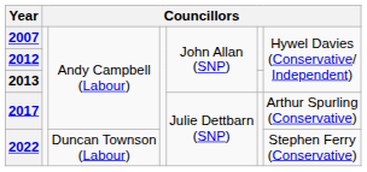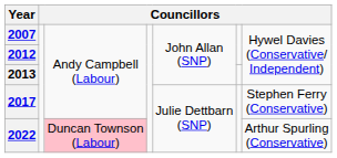 <table class="wikitable" style="text-align:center">
 <tr>
 <th>Year</th>
 <th colspan=8>Councillors</th>
 </tr>
 <tr>
 <th><a href='#'>2007</a></th>
 <td rowspan=5; style="background-color: "></td>
 <td rowspan=4>Andy Campbell<br>(<a href='#'>Labour</a>)</td>
 <td rowspan=5; style="background-color: "></td>
 <td rowspan=3>John Allan<br>(<a href='#'>SNP</a>)</td>
 <td rowspan=2; style="background-color: "></td>
 <td rowspan=3>Hywel Davies<br>(<a href='#'>Conservative</a>/<br><a href='#'>Independent</a>)</td>
 </tr>
 <tr>
 <th><a href='#'>2012</a></th>
 </tr>
 <tr>
 <th>2013</th>
 <td style="background-color: "></td>
 </tr>
 <tr>
 <th><a href='#'>2017</a></th>
 <td rowspan=2>Julie Dettbarn<br>(<a href='#'>SNP</a>)</td>
 <td rowspan=2; style="background-color: "></td>
-<td rowspan=1>Arthur Spurling<br>(<a href='#'>Conservative</a>)</td>
+<td rowspan=1>Stephen Ferry<br>(<a href='#'>Conservative</a>)</td>
 </tr>
 <tr>
 <th><a href='#'>2022</a></th>
-<td rowspan=1>Duncan Townson<br>(<a href='#'>Labour</a>)</td>
-<td rowspan=1>Stephen Ferry<br>(<a href='#'>Conservative</a>)</td>
+<td rowspan=1 style="background: pink;">Duncan Townson<br>(<a href='#'>Labour</a>)</td>
+<td rowspan=1>Arthur Spurling<br>(<a href='#'>Conservative</a>)</td>
 </tr>
 </table>
